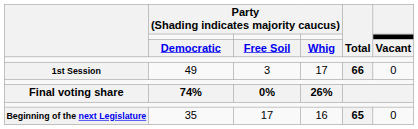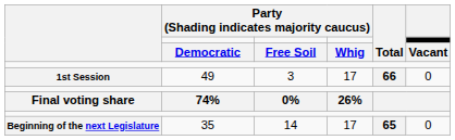 <table class=wikitable style="text-align:center">
 <tr style="vertical-align:bottom;">
 <th rowspan=3></th>
 <th colspan=3>Party <div>(Shading indicates majority caucus)</div></th>
 <th rowspan=3>Total</th>
 <th></th>
 </tr>
 <tr style="height:5px">
 <td style="background-color:"></td>
 <td style="background-color:"></td>
 <td style="background-color:"></td>
 <td style="background:black;"></td>
 </tr>
 <tr>
 <th><a href='#'>Democratic</a></th>
 <th><a href='#'>Free Soil</a></th>
 <th><a href='#'>Whig</a></th>
 <th>Vacant</th>
 </tr>
 <tr>
 <td colspan=6></td>
 </tr>
 <tr>
 <th style="font-size:80%;">1st Session</th>
 <td>49</td>
 <td>3</td>
 <td>17</td>
 <th>66</th>
 <td>0</td>
 </tr>
 <tr>
 <td colspan=6></td>
 </tr>
 <tr>
 <th>Final voting share</th>
 <th>74%</th>
 <th>0%</th>
 <th>26%</th>
 <th colspan=2></th>
 </tr>
 <tr>
 <td colspan=6></td>
 </tr>
 <tr>
 <th style="font-size:80%;">Beginning of the <a href='#'>next Legislature</a></th>
 <td>35</td>
+<td>14</td>
 <td>17</td>
-<td>16</td>
 <th>65</th>
 <td>0</td>
 </tr>
 </table>
